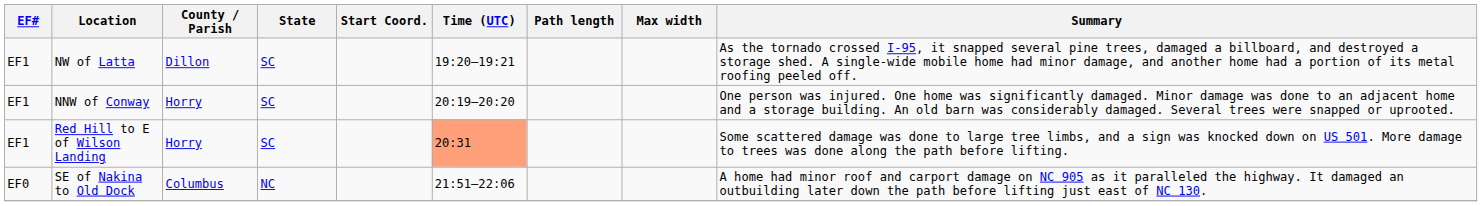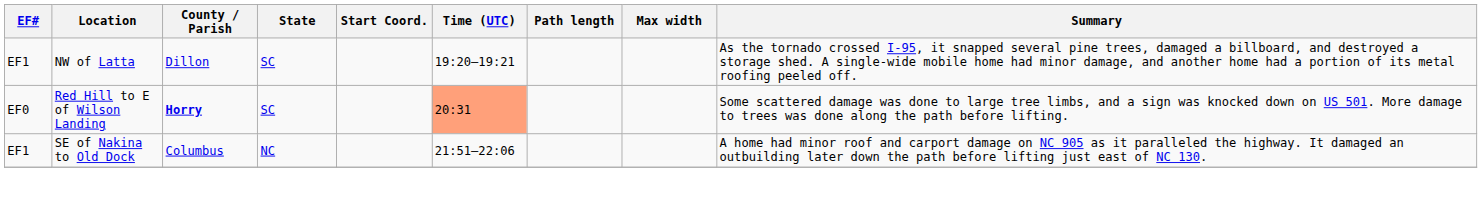 <table class="wikitable sortable" style="width:100%;">
 <tr>
 <th scope="col"  style="width:3%; text-align:center;"><a href='#'>EF#</a></th>
 <th scope="col"  style="width:7%; text-align:center;" class="unsortable">Location</th>
 <th scope="col"  style="width:6%; text-align:center;" class="unsortable">County / Parish</th>
 <th scope="col"  style="width:5%; text-align:center;">State</th>
 <th scope="col"  style="width:6%; text-align:center;">Start Coord.</th>
 <th scope="col"  style="width:6%; text-align:center;">Time (<a href='#'>UTC</a>)</th>
 <th scope="col"  style="width:6%; text-align:center;">Path length</th>
 <th scope="col"  style="width:6%; text-align:center;">Max width</th>
 <th scope="col" class="unsortable" style="width:48%; text-align:center;">Summary</th>
 </tr>
 <tr>
 <td>EF1</td>
 <td>NW of <a href='#'>Latta</a></td>
 <td><a href='#'>Dillon</a></td>
 <td><a href='#'>SC</a></td>
 <td></td>
 <td>19:20–19:21</td>
 <td></td>
 <td></td>
 <td>As the tornado crossed <a href='#'>I-95</a>, it snapped several pine trees, damaged a billboard, and destroyed a storage shed. A single-wide mobile home had minor damage, and another home had a portion of its metal roofing peeled off.</td>
 </tr>
 <tr>
-<td>EF1</td>
-<td>NNW of <a href='#'>Conway</a></td>
-<td><a href='#'>Horry</a></td>
-<td><a href='#'>SC</a></td>
-<td></td>
-<td>20:19–20:20</td>
-<td></td>
-<td></td>
-<td>One person was injured. One home was significantly damaged. Minor damage was done to an adjacent home and a storage building. An old barn was considerably damaged. Several trees were snapped or uprooted.</td>
-</tr>
-<tr>
-<td>EF1</td>
+<td>EF0</td>
 <td><a href='#'>Red Hill</a> to E of <a href='#'>Wilson Landing</a></td>
-<td><a href='#'>Horry</a></td>
+<td><strong><a href='#'>Horry</a></strong></td>
 <td><a href='#'>SC</a></td>
 <td></td>
 <td style="background: lightsalmon;">20:31</td>
 <td></td>
 <td></td>
 <td>Some scattered damage was done to large tree limbs, and a sign was knocked down on <a href='#'>US 501</a>. More damage to trees was done along the path before lifting.</td>
 </tr>
 <tr>
-<td>EF0</td>
+<td>EF1</td>
 <td>SE of <a href='#'>Nakina</a> to <a href='#'>Old Dock</a></td>
 <td><a href='#'>Columbus</a></td>
 <td><a href='#'>NC</a></td>
 <td></td>
 <td>21:51–22:06</td>
 <td></td>
 <td></td>
 <td>A home had minor roof and carport damage on <a href='#'>NC 905</a> as it paralleled the highway. It damaged an outbuilding later down the path before lifting just east of <a href='#'>NC 130</a>.</td>
 </tr>
 <tr>
 </tr>
 </table>
